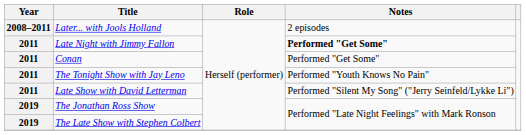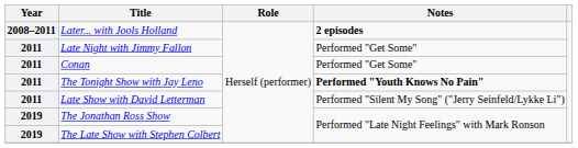 <table class="wikitable plainrowheaders sortable" style="margin-right: 0;">
 <tr>
 <th scope="col">Year</th>
 <th scope="col">Title</th>
 <th scope="col">Role</th>
 <th scope="col" class="unsortable">Notes</th>
 <th scope="col" class="unsortable"></th>
 </tr>
 <tr>
 <th scope="row">2008–2011</th>
 <td><em><a href='#'>Later... with Jools Holland</a></em></td>
 <td rowspan="7">Herself (performer)</td>
-<td>2 episodes</td>
+<td><strong>2 episodes</strong></td>
 <td rowspan="7"></td>
 </tr>
 <tr>
 <th scope="row">2011</th>
 <td><em><a href='#'>Late Night with Jimmy Fallon</a></em></td>
-<td><strong>Performed "Get Some"</strong></td>
+<td>Performed "Get Some"</td>
 </tr>
 <tr>
 <th scope="row">2011</th>
 <td><em><a href='#'>Conan</a></em></td>
 <td>Performed "Get Some"</td>
 </tr>
 <tr>
 <th scope="row">2011</th>
 <td><em><a href='#'>The Tonight Show with Jay Leno</a></em></td>
-<td>Performed "Youth Knows No Pain"</td>
+<td><strong>Performed "Youth Knows No Pain"</strong></td>
 </tr>
 <tr>
 <th scope="row">2011</th>
 <td><em><a href='#'>Late Show with David Letterman</a></em></td>
 <td>Performed "Silent My Song" ("Jerry Seinfeld/Lykke Li")</td>
 </tr>
 <tr>
 <th scope="row">2019</th>
 <td><em><a href='#'>The Jonathan Ross Show</a></em></td>
 <td rowspan=2>Performed "Late Night Feelings" with Mark Ronson</td>
 </tr>
 <tr>
 <th scope="row">2019</th>
 <td><em><a href='#'>The Late Show with Stephen Colbert</a></em></td>
 </tr>
 <tr>
 </tr>
 </table>
